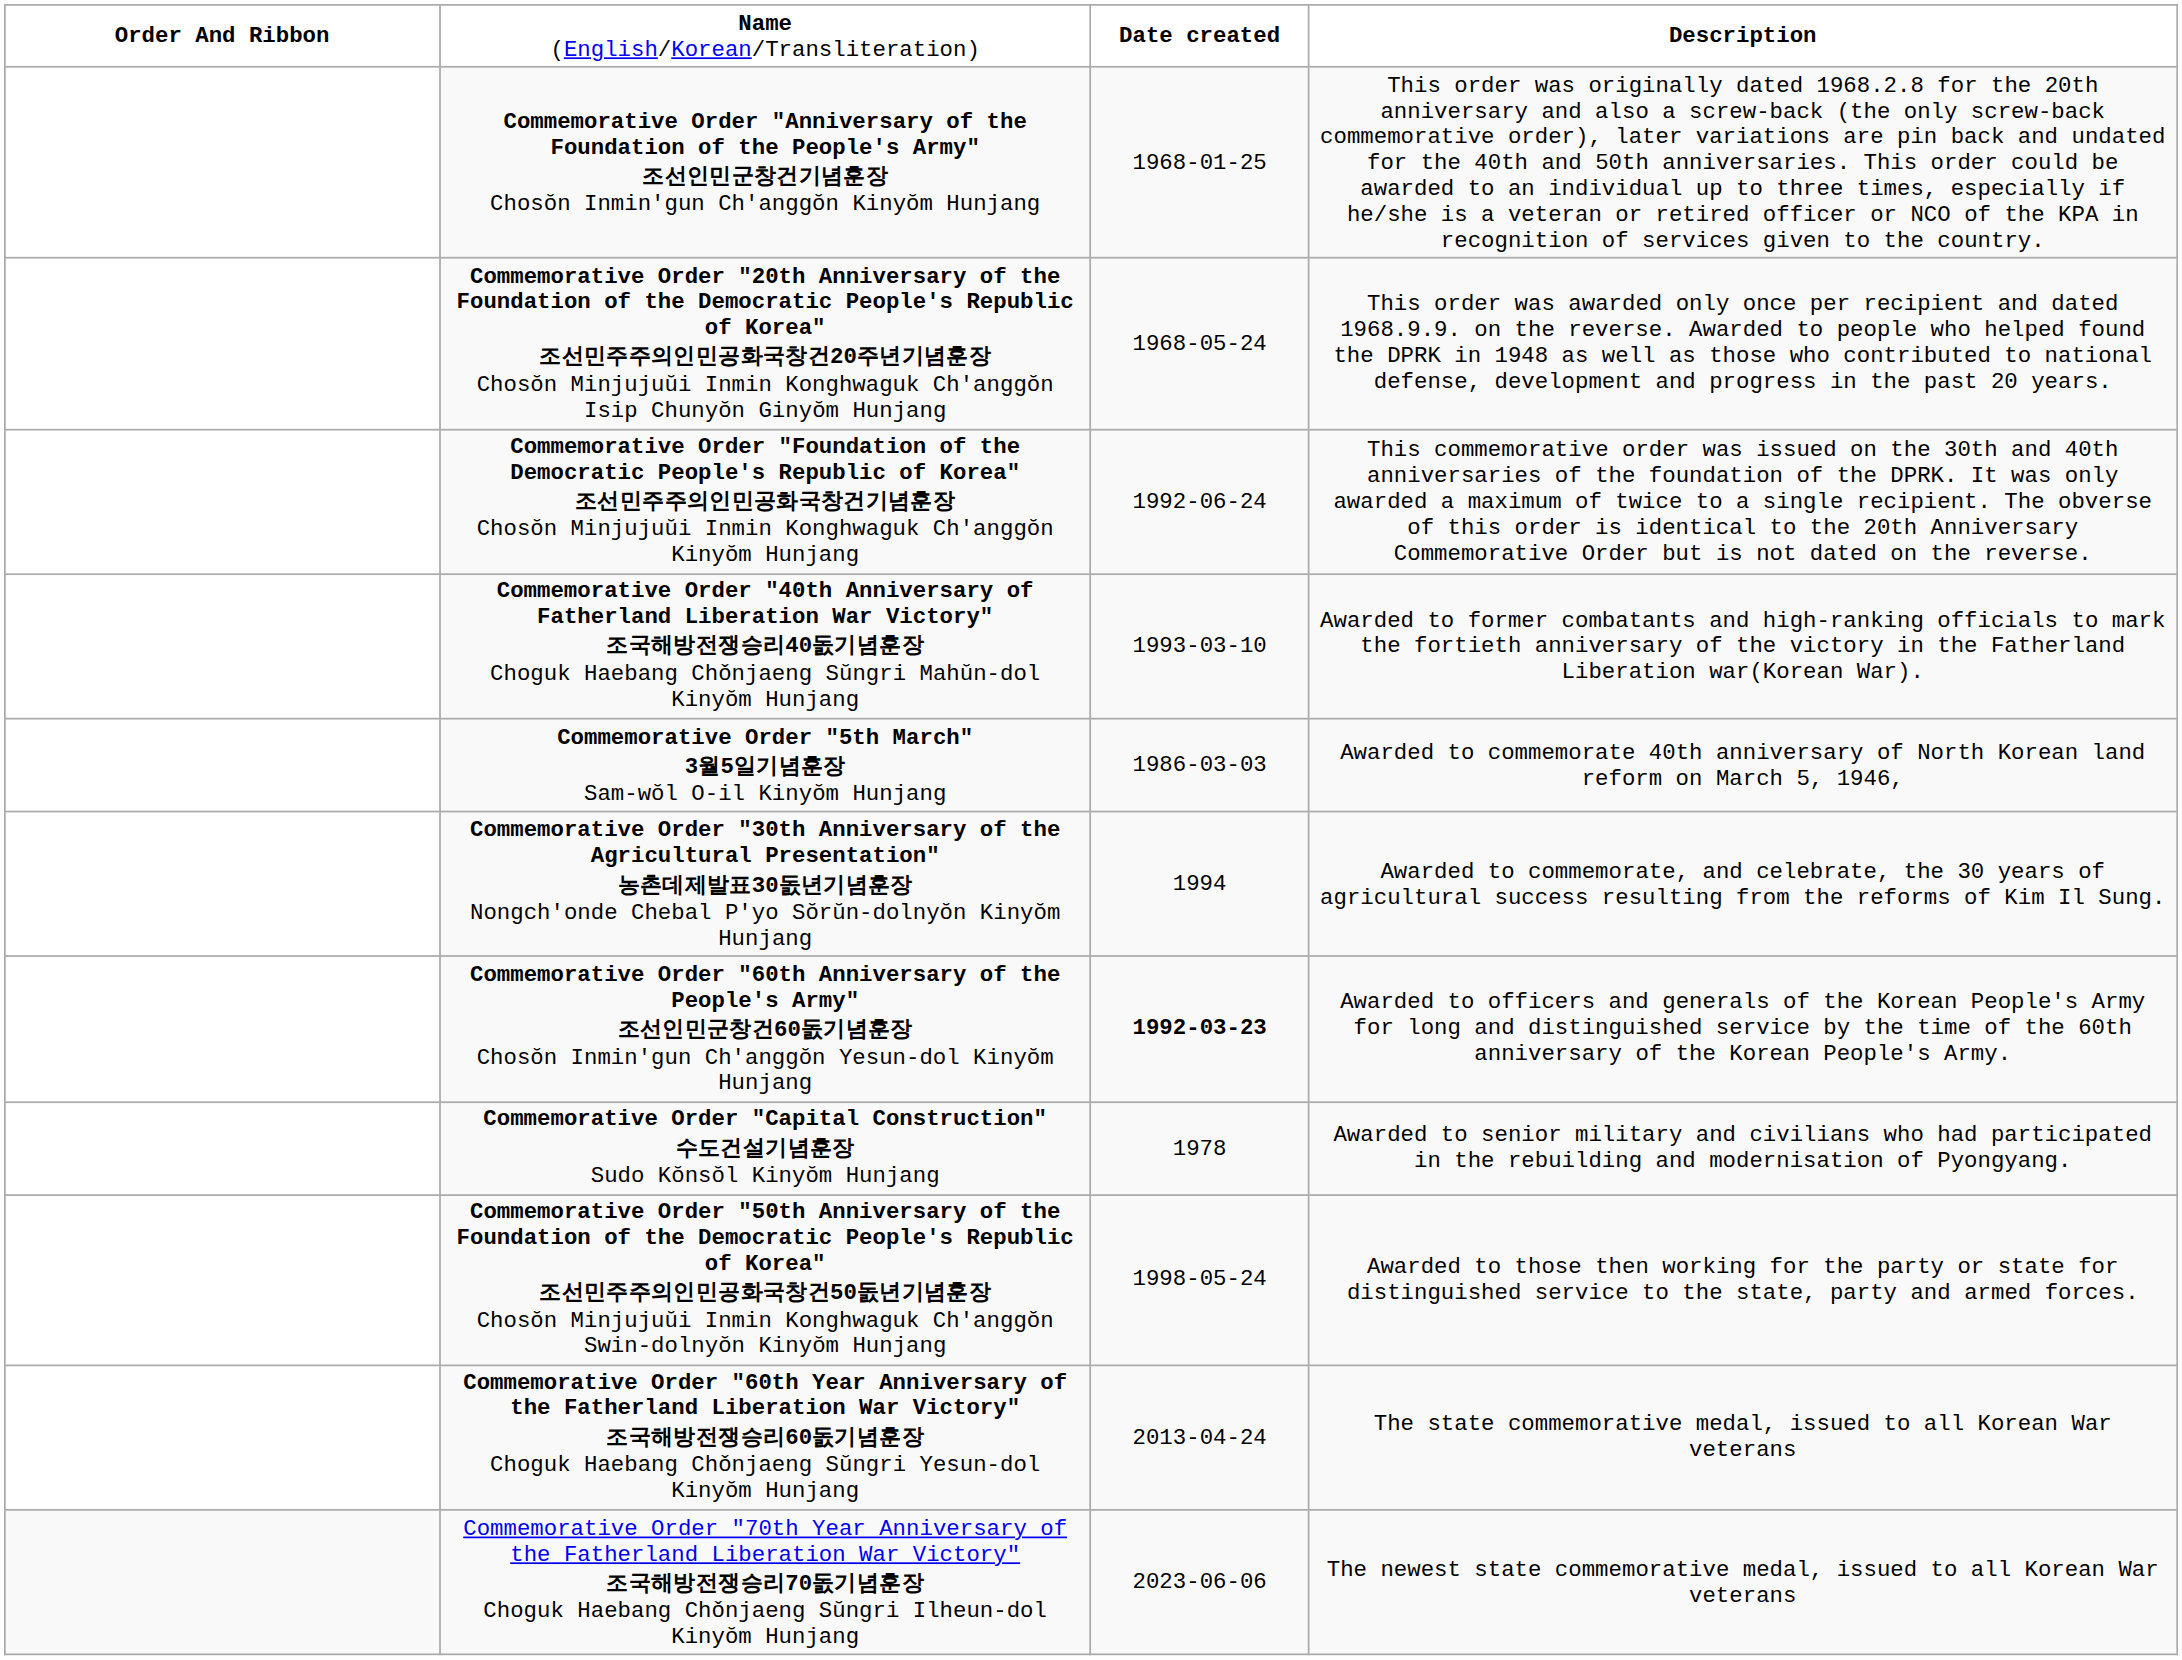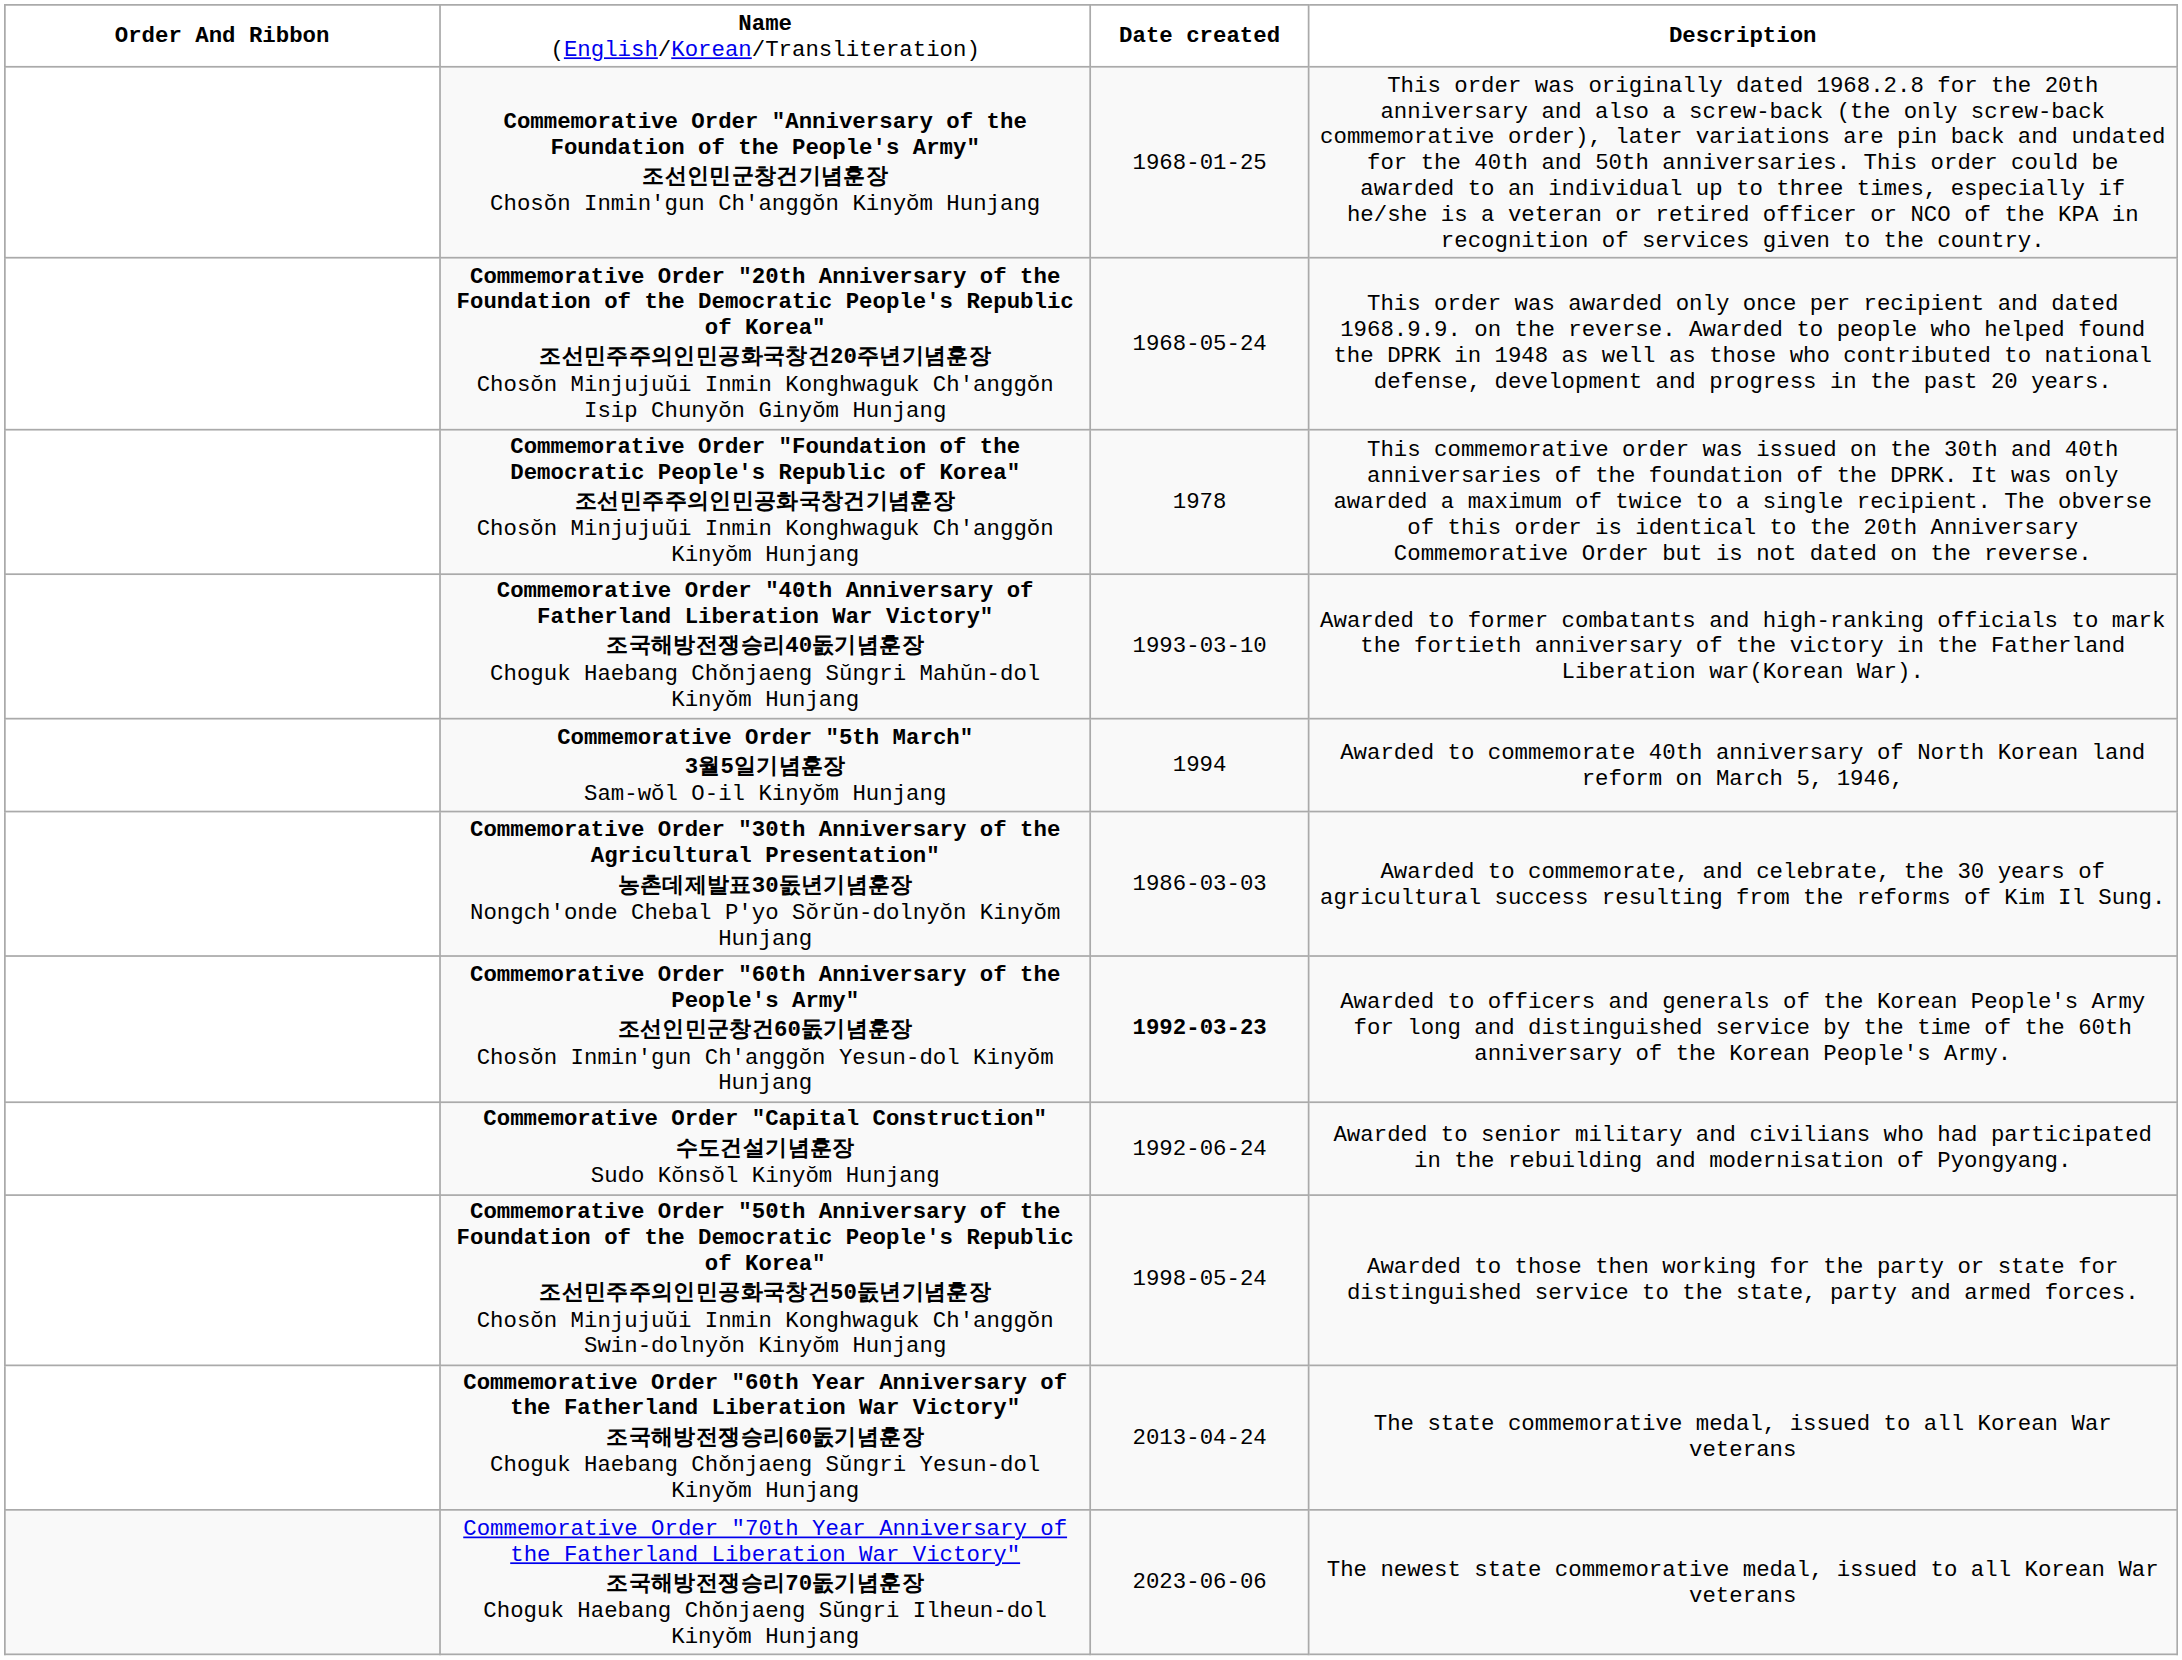 <table class="wikitable" width="100%" style="text-align:center;">
 <tr>
 <td width="20%" bgcolor="#FFFFFF"><strong>Order And Ribbon</strong></td>
 <td width="30%" bgcolor="#FFFFFF"><strong>Name</strong><br>(<a href='#'>English</a>/<a href='#'>Korean</a>/Transliteration)</td>
 <td width="10%" bgcolor="#FFFFFF"><strong>Date created</strong></td>
 <td width="40%" bgcolor="#FFFFFF"><strong>Description</strong></td>
 </tr>
 <tr>
 <td bgcolor="#FFFFFF"></td>
 <td><strong>Commemorative Order "Anniversary of the Foundation of the People's Army"</strong><br><strong>조선인민군창건기념훈장</strong><br>Chosŏn Inmin'gun Ch'anggŏn Kinyŏm Hunjang</td>
 <td>1968-01-25</td>
 <td>This order was originally dated 1968.2.8 for the 20th anniversary and also a screw-back (the only screw-back commemorative order), later variations are pin back and undated for the 40th and 50th anniversaries. This order could be awarded to an individual up to three times, especially if he/she is a veteran or retired officer or NCO of the KPA in recognition of services given to the country.</td>
 </tr>
 <tr>
 <td bgcolor="#FFFFFF"></td>
 <td><strong>Commemorative Order "20th Anniversary of the Foundation of the Democratic People's Republic of Korea"</strong><br><strong>조선민주주의인민공화국창건20주년기념훈장</strong><br>Chosŏn Minjujuŭi Inmin Konghwaguk Ch'anggŏn Isip Chunyŏn Ginyŏm Hunjang</td>
 <td>1968-05-24</td>
 <td>This order was awarded only once per recipient and dated 1968.9.9. on the reverse. Awarded to people who helped found the DPRK in 1948 as well as those who contributed to national defense, development and progress in the past 20 years.</td>
 </tr>
 <tr>
 <td bgcolor="#FFFFFF"></td>
 <td><strong>Commemorative Order "Foundation of the Democratic People's Republic of Korea"</strong><br><strong>조선민주주의인민공화국창건기념훈장</strong><br>Chosŏn Minjujuŭi Inmin Konghwaguk Ch'anggŏn Kinyŏm Hunjang</td>
-<td>1992-06-24</td>
+<td>1978</td>
 <td>This commemorative order was issued on the 30th and 40th anniversaries of the foundation of the DPRK. It was only awarded a maximum of twice to a single recipient. The obverse of this order is identical to the 20th Anniversary Commemorative Order but is not dated on the reverse.</td>
 </tr>
 <tr>
 <td bgcolor="#FFFFFF"><br></td>
 <td><strong>Commemorative Order "40th Anniversary of Fatherland Liberation War Victory"</strong><br><strong>조국해방전쟁승리40돐기념훈장</strong><br>Choguk Haebang Chǒnjaeng Sŭngri Mahŭn-dol Kinyŏm Hunjang</td>
 <td>1993-03-10</td>
 <td>Awarded to former combatants and high-ranking officials to mark the fortieth anniversary of the victory in the Fatherland Liberation war(Korean War).</td>
 </tr>
 <tr>
 <td bgcolor="#FFFFFF"></td>
 <td><strong>Commemorative Order "5th March"</strong><br><strong>3월5일기념훈장</strong><br>Sam-wŏl O-il Kinyŏm Hunjang</td>
-<td>1986-03-03</td>
+<td>1994</td>
 <td>Awarded to commemorate 40th anniversary of North Korean land reform on March 5, 1946,</td>
 </tr>
 <tr>
 <td bgcolor="#FFFFFF"></td>
 <td><strong>Commemorative Order "30th Anniversary of the Agricultural Presentation"</strong><br><strong>농촌데제발표30돐년기념훈장</strong><br>Nongch'onde Chebal P'yo Sŏrŭn-dolnyŏn Kinyŏm Hunjang</td>
-<td>1994</td>
+<td>1986-03-03</td>
 <td>Awarded to commemorate, and celebrate, the 30 years of agricultural success resulting from the reforms of Kim Il Sung.</td>
 </tr>
 <tr>
 <td bgcolor="#FFFFFF"></td>
 <td><strong>Commemorative Order "60th Anniversary of the People's Army"</strong><br><strong>조선인민군창건60돐기념훈장</strong><br>Chosŏn Inmin'gun Ch'anggŏn Yesun-dol Kinyŏm Hunjang</td>
 <td><strong>1992-03-23</strong></td>
 <td>Awarded to officers and generals of the Korean People's Army for long and distinguished service by the time of the 60th anniversary of the Korean People's Army.</td>
 </tr>
 <tr>
 <td bgcolor="#FFFFFF"><br></td>
 <td><strong>Commemorative Order "Capital Construction"</strong><br><strong>수도건설기념훈장</strong><br>Sudo Kŏnsŏl Kinyŏm Hunjang</td>
-<td>1978</td>
+<td>1992-06-24</td>
 <td>Awarded to senior military and civilians who had participated in the rebuilding and modernisation of Pyongyang.</td>
 </tr>
 <tr>
 <td bgcolor="#FFFFFF"><br></td>
 <td><strong>Commemorative Order "50th Anniversary of the Foundation of the Democratic People's Republic of Korea"</strong><br><strong>조선민주주의인민공화국창건50돐년기념훈장</strong><br>Chosŏn Minjujuŭi Inmin Konghwaguk Ch'anggŏn Swin-dolnyŏn Kinyŏm Hunjang</td>
 <td>1998-05-24</td>
 <td>Awarded to those then working for the party or state for distinguished service to the state, party and armed forces.</td>
 </tr>
 <tr>
 <td bgcolor="#FFFFFF"></td>
 <td><strong>Commemorative Order "60th Year Anniversary of the Fatherland Liberation War Victory"</strong><br><strong>조국해방전쟁승리60돐기념훈장</strong><br>Choguk Haebang Chǒnjaeng Sŭngri Yesun-dol Kinyŏm Hunjang</td>
 <td>2013-04-24</td>
 <td>The state commemorative medal, issued to all Korean War veterans</td>
 </tr>
 <tr>
 <td></td>
 <td><a href='#'>Commemorative Order "70th Year Anniversary of the Fatherland Liberation War Victory"</a><br><strong>조국해방전쟁승리70돐기념훈장</strong><br>Choguk Haebang Chǒnjaeng Sŭngri Ilheun-dol Kinyŏm Hunjang</td>
 <td>2023-06-06</td>
 <td>The newest state commemorative medal, issued to all Korean War veterans</td>
 </tr>
 </table>
